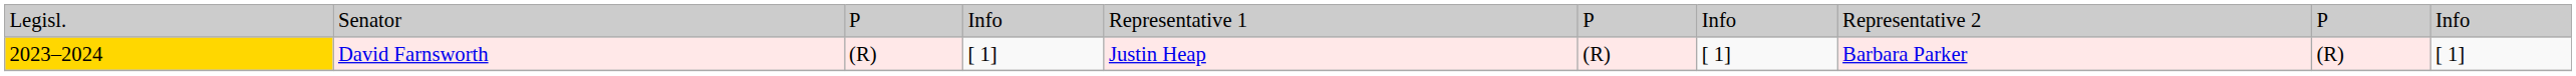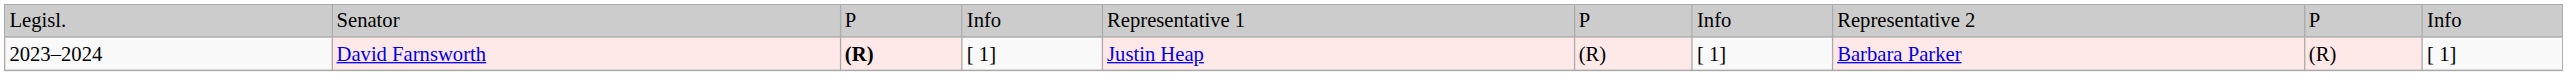 <table class=wikitable width="100%" border="1">
 <tr style="background-color:#cccccc;">
 <td>Legisl.</td>
 <td>Senator</td>
 <td>P</td>
 <td>Info</td>
 <td>Representative 1</td>
 <td>P</td>
 <td>Info</td>
 <td>Representative 2</td>
 <td>P</td>
 <td>Info</td>
 </tr>
 <tr>
-<td style="background: gold;">2023–2024</td>
+<td>2023–2024</td>
 <td style="background:#FFE8E8"><a href='#'>David Farnsworth</a></td>
-<td style="background:#FFE8E8">(R)</td>
+<td style="background:#FFE8E8"><strong>(R)</strong></td>
 <td>[ 1]</td>
 <td style="background:#FFE8E8"><a href='#'>Justin Heap</a></td>
 <td style="background:#FFE8E8">(R)</td>
 <td>[ 1]</td>
 <td style="background:#FFE8E8"><a href='#'>Barbara Parker</a></td>
 <td style="background:#FFE8E8">(R)</td>
 <td>[ 1]</td>
 </tr>
 <tr>
 </tr>
 </table>
